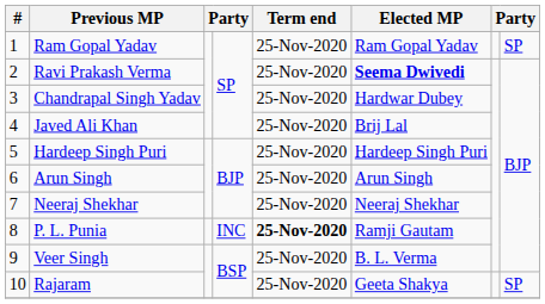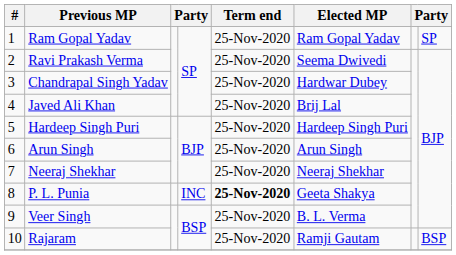 <table class="wikitable sortable">
 <tr>
 <th>#</th>
 <th>Previous MP</th>
 <th colspan="2">Party</th>
 <th>Term end</th>
 <th>Elected MP</th>
 <th colspan="2">Party</th>
 </tr>
 <tr>
 <td>1</td>
 <td><a href='#'>Ram Gopal Yadav</a></td>
 <td rowspan=4></td>
 <td rowspan="4"><a href='#'>SP</a></td>
 <td>25-Nov-2020</td>
 <td><a href='#'>Ram Gopal Yadav</a></td>
 <td></td>
 <td><a href='#'>SP</a></td>
 </tr>
 <tr>
 <td>2</td>
 <td><a href='#'>Ravi Prakash Verma</a></td>
 <td>25-Nov-2020</td>
-<td><strong><a href='#'>Seema Dwivedi</a></strong></td>
+<td><a href='#'>Seema Dwivedi</a></td>
 <td rowspan=8></td>
 <td rowspan="8"><a href='#'>BJP</a></td>
 </tr>
 <tr>
 <td>3</td>
 <td><a href='#'>Chandrapal Singh Yadav</a></td>
 <td>25-Nov-2020</td>
 <td><a href='#'>Hardwar Dubey</a></td>
 </tr>
 <tr>
 <td>4</td>
 <td><a href='#'>Javed Ali Khan</a></td>
 <td>25-Nov-2020</td>
 <td><a href='#'>Brij Lal</a></td>
 </tr>
 <tr>
 <td>5</td>
 <td><a href='#'>Hardeep Singh Puri</a></td>
 <td rowspan=3></td>
 <td rowspan="3"><a href='#'>BJP</a></td>
 <td>25-Nov-2020</td>
 <td><a href='#'>Hardeep Singh Puri</a></td>
 </tr>
 <tr>
 <td>6</td>
 <td><a href='#'>Arun Singh</a></td>
 <td>25-Nov-2020</td>
 <td><a href='#'>Arun Singh</a></td>
 </tr>
 <tr>
 <td>7</td>
 <td><a href='#'>Neeraj Shekhar</a></td>
 <td>25-Nov-2020</td>
 <td><a href='#'>Neeraj Shekhar</a></td>
 </tr>
 <tr>
 <td>8</td>
 <td><a href='#'>P. L. Punia</a></td>
 <td></td>
 <td><a href='#'>INC</a></td>
 <td><strong>25-Nov-2020</strong></td>
-<td><a href='#'>Ramji Gautam</a></td>
+<td><a href='#'>Geeta Shakya</a></td>
 </tr>
 <tr>
 <td>9</td>
 <td><a href='#'>Veer Singh</a></td>
 <td rowspan=2></td>
 <td rowspan="2"><a href='#'>BSP</a></td>
 <td>25-Nov-2020</td>
 <td><a href='#'>B. L. Verma</a></td>
 </tr>
 <tr>
 <td>10</td>
 <td><a href='#'>Rajaram</a></td>
 <td>25-Nov-2020</td>
-<td><a href='#'>Geeta Shakya</a></td>
+<td><a href='#'>Ramji Gautam</a></td>
 <td></td>
-<td><a href='#'>SP</a></td>
+<td><a href='#'>BSP</a></td>
 </tr>
 <tr>
 </tr>
 </table>
